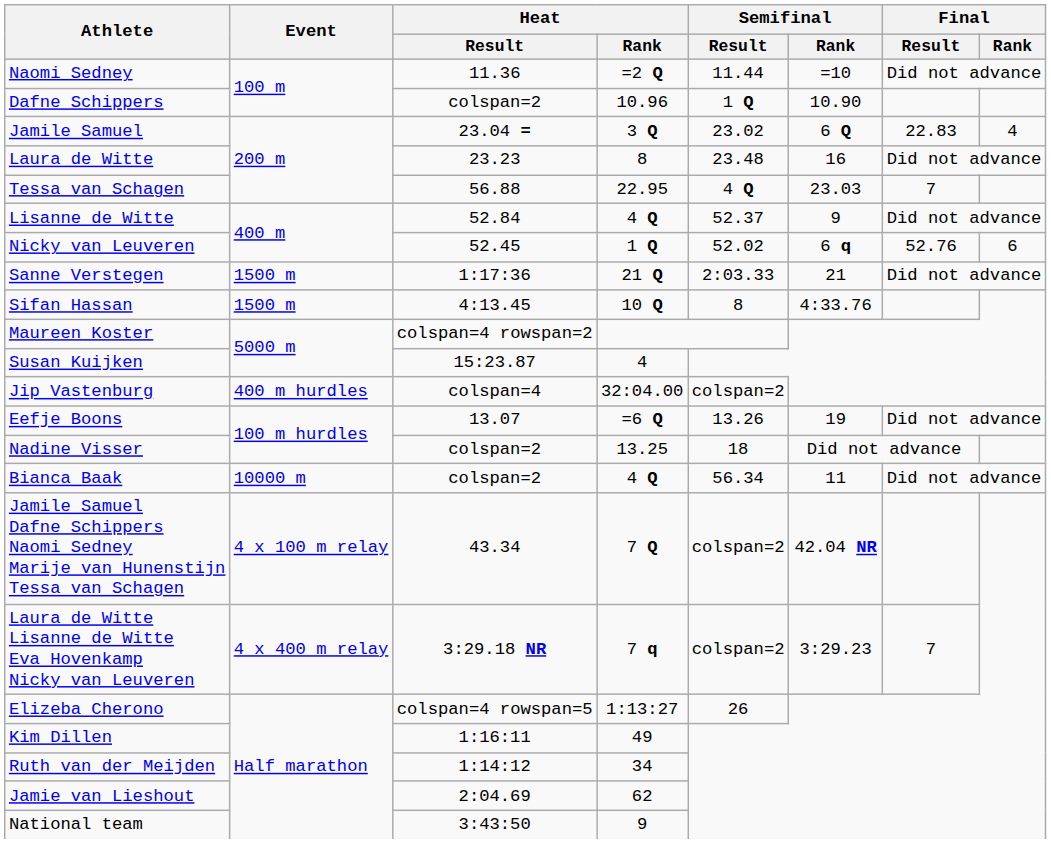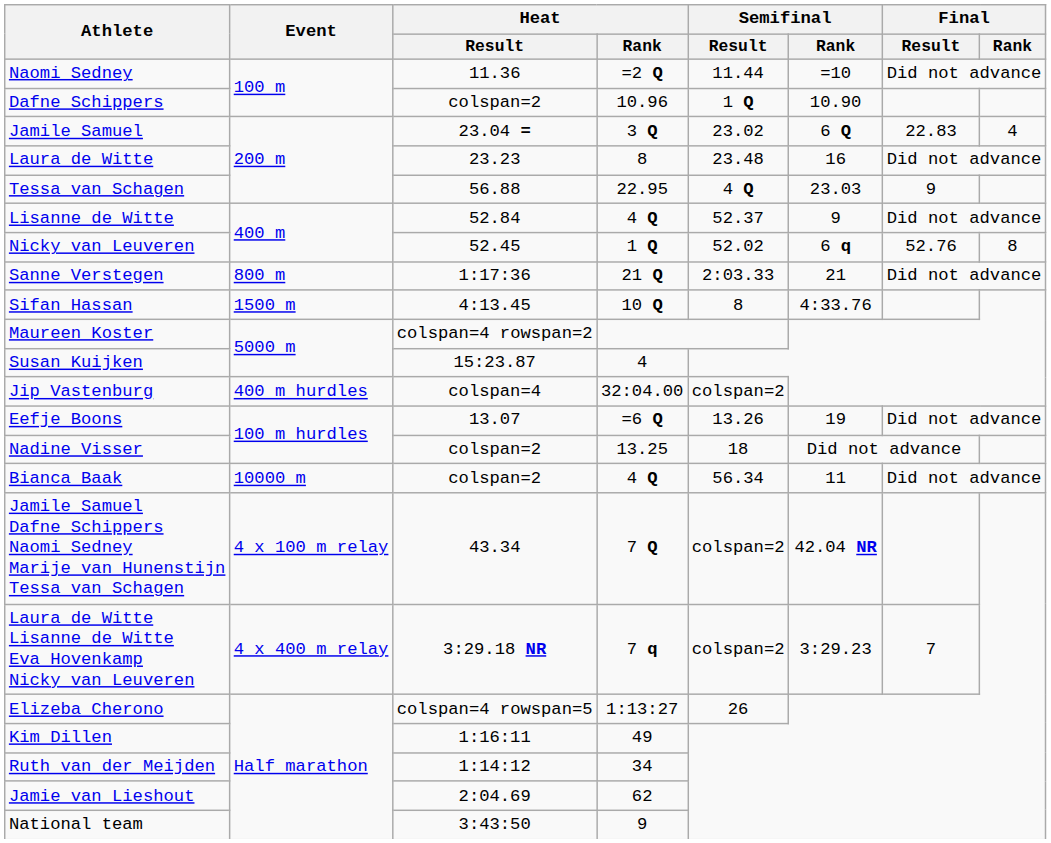 <table class="wikitable" style="font-size:90%">
 <tr>
 <th rowspan=2>Athlete</th>
 <th rowspan=2>Event</th>
 <th colspan=2>Heat</th>
 <th colspan=2>Semifinal</th>
 <th colspan=2>Final</th>
 </tr>
 <tr style="font-size:95%">
 <th>Result</th>
 <th>Rank</th>
 <th>Result</th>
 <th>Rank</th>
 <th>Result</th>
 <th>Rank</th>
 </tr>
 <tr align=center>
 <td align=left><a href='#'>Naomi Sedney</a></td>
 <td style="text-align:left;" rowspan=2><a href='#'>100 m</a></td>
 <td>11.36 <strong></strong></td>
 <td>=2 <strong>Q</strong></td>
 <td>11.44</td>
 <td>=10</td>
 <td colspan=2>Did not advance</td>
 </tr>
 <tr align=center>
 <td align=left><a href='#'>Dafne Schippers</a></td>
 <td>colspan=2 </td>
 <td>10.96</td>
 <td>1 <strong>Q</strong></td>
 <td>10.90</td>
 <td></td>
 </tr>
 <tr align=center>
 <td align=left><a href='#'>Jamile Samuel</a></td>
 <td style="text-align:left;" rowspan=3><a href='#'>200 m</a></td>
 <td>23.04 <strong>=</strong></td>
 <td>3 <strong>Q</strong></td>
 <td>23.02 <strong></strong></td>
 <td>6 <strong>Q</strong></td>
 <td>22.83 <strong></strong></td>
 <td>4</td>
 </tr>
 <tr align=center>
 <td align=left><a href='#'>Laura de Witte</a></td>
 <td>23.23 <strong></strong></td>
 <td>8</td>
 <td>23.48</td>
 <td>16</td>
 <td colspan=2>Did not advance</td>
 </tr>
 <tr align=center>
 <td align=left><a href='#'>Tessa van Schagen</a></td>
 <td>56.88</td>
 <td>22.95</td>
 <td>4 <strong>Q</strong></td>
 <td>23.03</td>
-<td>7</td>
+<td>9</td>
 </tr>
 <tr align=center>
 <td align=left><a href='#'>Lisanne de Witte</a></td>
 <td style="text-align:left;" rowspan=2><a href='#'>400 m</a></td>
 <td>52.84</td>
 <td>4 <strong>Q</strong></td>
 <td>52.37</td>
 <td>9</td>
 <td colspan=2>Did not advance</td>
 </tr>
 <tr align=center>
 <td align=left><a href='#'>Nicky van Leuveren</a></td>
 <td>52.45</td>
 <td>1 <strong>Q</strong></td>
 <td>52.02 <strong></strong></td>
 <td>6 <strong>q</strong></td>
 <td>52.76</td>
-<td>6</td>
+<td>8</td>
 </tr>
 <tr align=center>
 <td align=left><a href='#'>Sanne Verstegen</a></td>
-<td style="text-align:left;"><a href='#'>1500 m</a></td>
+<td style="text-align:left;"><a href='#'>800 m</a></td>
 <td>1:17:36</td>
 <td>21 <strong>Q</strong></td>
 <td>2:03.33</td>
 <td>21</td>
 <td colspan=2>Did not advance</td>
 </tr>
 <tr align=center>
 <td align=left><a href='#'>Sifan Hassan</a></td>
 <td style="text-align:left;"><a href='#'>1500 m</a></td>
 <td>4:13.45</td>
 <td>10 <strong>Q</strong></td>
 <td>8</td>
 <td>4:33.76</td>
 <td></td>
 </tr>
 <tr align=center>
 <td align=left><a href='#'>Maureen Koster</a></td>
 <td style="text-align:left;" rowspan=2><a href='#'>5000 m</a></td>
 <td>colspan=4 rowspan=2 </td>
 <td colspan=2></td>
 </tr>
 <tr align=center>
 <td align=left><a href='#'>Susan Kuijken</a></td>
 <td>15:23.87 <strong></strong></td>
 <td>4</td>
 </tr>
 <tr align=center>
 <td align=left><a href='#'>Jip Vastenburg</a></td>
 <td style="text-align:left;"><a href='#'>400 m hurdles</a></td>
 <td>colspan=4 </td>
 <td>32:04.00</td>
 <td>colspan=2 </td>
 </tr>
 <tr align=center>
 <td align=left><a href='#'>Eefje Boons</a></td>
 <td style="text-align:left;" rowspan=2><a href='#'>100 m hurdles</a></td>
 <td>13.07 <strong></strong></td>
 <td>=6 <strong>Q</strong></td>
 <td>13.26</td>
 <td>19</td>
 <td colspan=2>Did not advance</td>
 </tr>
 <tr align=center>
 <td align=left><a href='#'>Nadine Visser</a></td>
 <td>colspan=2 </td>
 <td>13.25</td>
 <td>18</td>
 <td colspan=2>Did not advance</td>
 </tr>
 <tr align=center>
 <td align=left><a href='#'>Bianca Baak</a></td>
 <td style="text-align:left;"><a href='#'>10000 m</a></td>
 <td>colspan=2 </td>
 <td>4 <strong>Q</strong></td>
 <td>56.34 <strong></strong></td>
 <td>11</td>
 <td colspan=2>Did not advance</td>
 </tr>
 <tr align=center>
 <td align=left><a href='#'>Jamile Samuel</a><br><a href='#'>Dafne Schippers</a> <br><a href='#'>Naomi Sedney</a><br><a href='#'>Marije van Hunenstijn</a> <br><a href='#'>Tessa van Schagen</a></td>
 <td style="text-align:left;"><a href='#'>4 x 100 m relay</a></td>
 <td>43.34 <strong></strong></td>
 <td>7 <strong>Q</strong></td>
 <td>colspan=2 </td>
 <td>42.04 <strong><a href='#'>NR</a></strong></td>
 <td></td>
 </tr>
 <tr align=center>
 <td align=left><a href='#'>Laura de Witte</a><br><a href='#'>Lisanne de Witte</a><br><a href='#'>Eva Hovenkamp</a><br><a href='#'>Nicky van Leuveren</a></td>
 <td style="text-align:left;"><a href='#'>4 x 400 m relay</a></td>
 <td>3:29.18 <strong><a href='#'>NR</a></strong></td>
 <td>7 <strong>q</strong></td>
 <td>colspan=2 </td>
 <td>3:29.23</td>
 <td>7</td>
 </tr>
 <tr align=center>
 <td align=left><a href='#'>Elizeba Cherono</a></td>
 <td style="text-align:left;" rowspan=5><a href='#'>Half marathon</a></td>
 <td>colspan=4 rowspan=5 </td>
 <td>1:13:27</td>
 <td>26</td>
 </tr>
 <tr align=center>
 <td align=left><a href='#'>Kim Dillen</a></td>
 <td>1:16:11</td>
 <td>49</td>
 </tr>
 <tr align=center>
 <td align=left><a href='#'>Ruth van der Meijden</a></td>
 <td>1:14:12</td>
 <td>34</td>
 </tr>
 <tr align=center>
 <td align=left><a href='#'>Jamie van Lieshout</a></td>
 <td>2:04.69</td>
 <td>62</td>
 </tr>
 <tr align=center>
 <td align=left>National team</td>
 <td>3:43:50</td>
 <td>9</td>
 </tr>
 </table>
